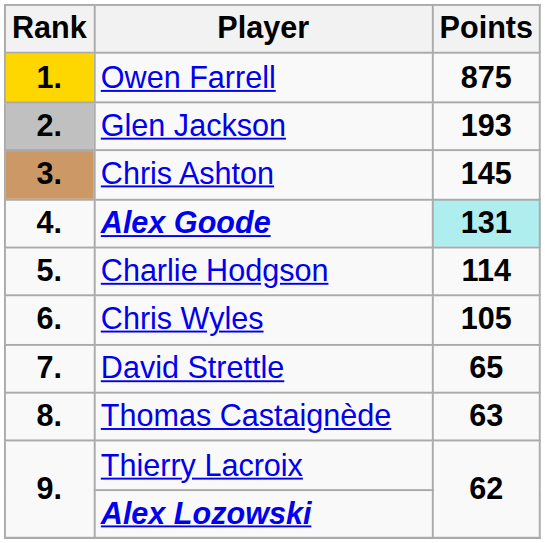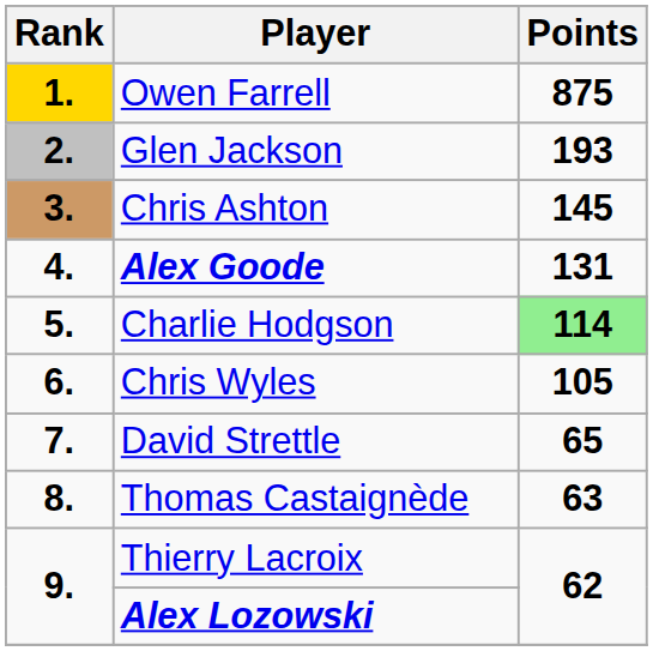 <table class="wikitable sticky-header">
 <tr>
 <th width=35>Rank</th>
 <th width=170>Player</th>
 <th width=40>Points</th>
 </tr>
 <tr>
 <td align=center bgcolor=Gold><strong>1.</strong></td>
 <td> <a href='#'>Owen Farrell</a></td>
 <td align=center><strong>875</strong></td>
 </tr>
 <tr>
 <td align=center bgcolor=Silver><strong>2.</strong></td>
 <td> <a href='#'>Glen Jackson</a></td>
 <td align=center><strong>193</strong></td>
 </tr>
 <tr>
 <td align=center bgcolor=#cc9966><strong>3.</strong></td>
 <td> <a href='#'>Chris Ashton</a></td>
 <td align=center><strong>145</strong></td>
 </tr>
 <tr>
 <td align=center><strong>4.</strong></td>
 <td> <strong><em><a href='#'>Alex Goode</a></em></strong></td>
-<td align=center style="background: paleturquoise;"><strong>131</strong></td>
+<td align=center><strong>131</strong></td>
 </tr>
 <tr>
 <td align=center><strong>5.</strong></td>
 <td> <a href='#'>Charlie Hodgson</a></td>
-<td align=center><strong>114</strong></td>
+<td align=center style="background: lightgreen;"><strong>114</strong></td>
 </tr>
 <tr>
 <td align=center><strong>6.</strong></td>
 <td> <a href='#'>Chris Wyles</a></td>
 <td align=center><strong>105</strong></td>
 </tr>
 <tr>
 <td align=center><strong>7.</strong></td>
 <td> <a href='#'>David Strettle</a></td>
 <td align=center><strong>65</strong></td>
 </tr>
 <tr>
 <td align=center><strong>8.</strong></td>
 <td> <a href='#'>Thomas Castaignède</a></td>
 <td align=center><strong>63</strong></td>
 </tr>
 <tr>
 <td rowspan=2 align=center><strong>9.</strong></td>
 <td> <a href='#'>Thierry Lacroix</a></td>
 <td rowspan=2 align=center><strong>62</strong></td>
 </tr>
 <tr>
 <td> <strong><em><a href='#'>Alex Lozowski</a></em></strong></td>
 </tr>
 <tr>
 </tr>
 </table>
